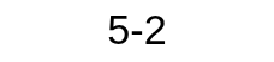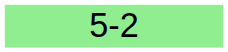 <table style="text-align:center">
 <tr>
 <th width=200></th>
 <th width=100></th>
 <th width=200></th>
 </tr>
 <tr>
 <td align=right></td>
-<td>5-2</td>
+<td style="background: lightgreen;">5-2</td>
 <td align=left></td>
 </tr>
 </table>
